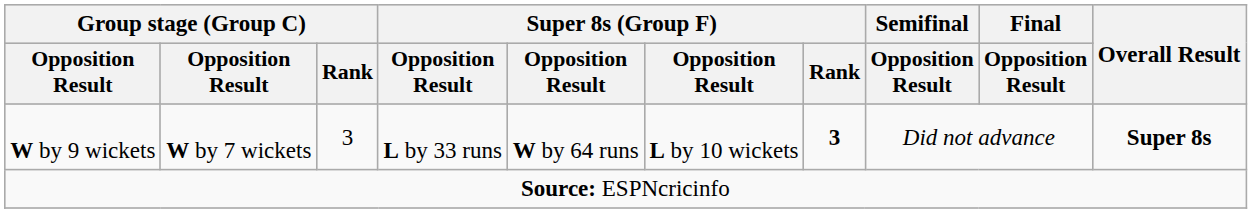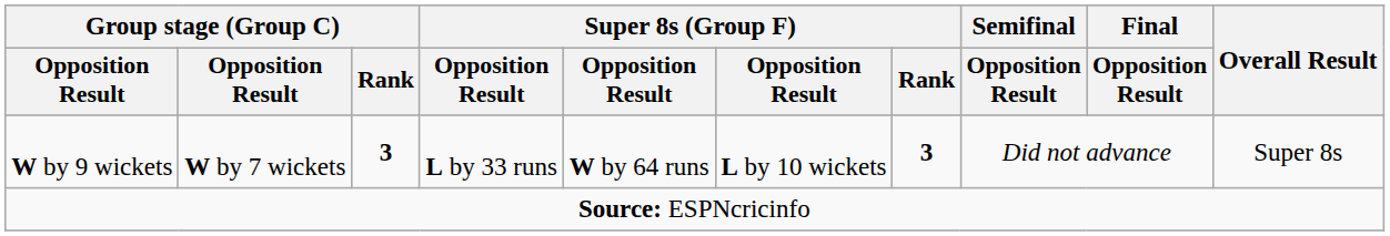 <table class=wikitable style=font-size:90%;text-align:center>
 <tr>
 <th colspan=3>Group stage (Group C)</th>
 <th colspan=4>Super 8s (Group F)</th>
 <th>Semifinal</th>
 <th>Final</th>
 <th rowspan=2>Overall Result</th>
 </tr>
 <tr style=font-size:95%>
 <th>Opposition<br>Result</th>
 <th>Opposition<br>Result</th>
 <th>Rank</th>
 <th>Opposition<br>Result</th>
 <th>Opposition<br>Result</th>
 <th>Opposition<br>Result</th>
 <th>Rank</th>
 <th>Opposition<br>Result</th>
 <th>Opposition<br>Result</th>
 </tr>
 <tr>
 <td><br><strong>W</strong> by 9 wickets</td>
 <td><br><strong>W</strong> by 7 wickets</td>
-<td>3</td>
+<td><strong>3</strong></td>
 <td><br><strong>L</strong> by 33 runs</td>
 <td><br><strong>W</strong> by 64 runs</td>
 <td><br><strong>L</strong> by 10 wickets</td>
 <td><strong>3</strong></td>
 <td colspan=2><em>Did not advance</em></td>
-<td><strong>Super 8s</strong></td>
+<td>Super 8s</td>
 </tr>
 <tr>
 <td colspan="11"><strong>Source:</strong> ESPNcricinfo</td>
 </tr>
 </table>
